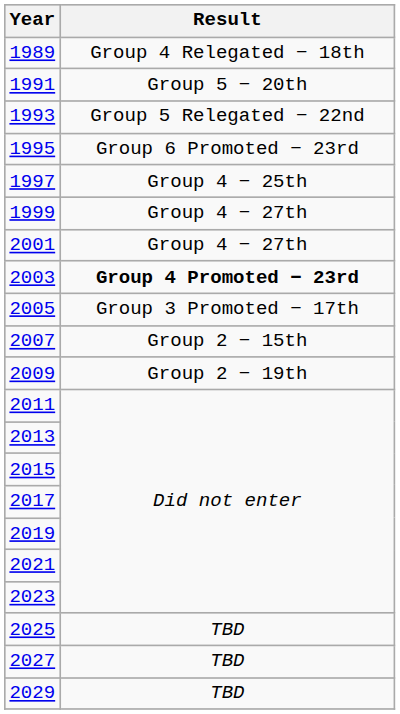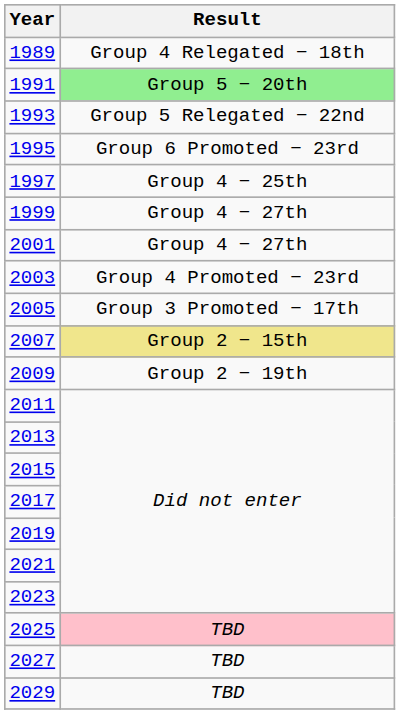 <table class="wikitable" style="text-align: center; font-size:90%">
 <tr>
 <th>Year</th>
 <th style="width:200px">Result</th>
 </tr>
 <tr>
 <td> <a href='#'>1989</a></td>
 <td>Group 4 Relegated − 18th</td>
 </tr>
 <tr>
 <td> <a href='#'>1991</a></td>
-<td>Group 5 − 20th</td>
+<td style="background: lightgreen;">Group 5 − 20th</td>
 </tr>
 <tr>
 <td> <a href='#'>1993</a></td>
 <td>Group 5 Relegated − 22nd</td>
 </tr>
 <tr>
 <td> <a href='#'>1995</a></td>
 <td>Group 6 Promoted − 23rd</td>
 </tr>
 <tr>
 <td> <a href='#'>1997</a></td>
 <td>Group 4 − 25th</td>
 </tr>
 <tr>
 <td> <a href='#'>1999</a></td>
 <td>Group 4 − 27th</td>
 </tr>
 <tr>
 <td> <a href='#'>2001</a></td>
 <td>Group 4 − 27th</td>
 </tr>
 <tr>
 <td> <a href='#'>2003</a></td>
-<td><strong>Group 4 Promoted − 23rd</strong></td>
+<td>Group 4 Promoted − 23rd</td>
 </tr>
 <tr>
 <td> <a href='#'>2005</a></td>
 <td>Group 3 Promoted − 17th</td>
 </tr>
 <tr>
 <td> <a href='#'>2007</a></td>
-<td>Group 2 − 15th</td>
+<td style="background: khaki;">Group 2 − 15th</td>
 </tr>
 <tr>
 <td> <a href='#'>2009</a></td>
 <td>Group 2 − 19th</td>
 </tr>
 <tr>
 <td> <a href='#'>2011</a></td>
 <td rowspan="7"><em>Did not enter</em></td>
 </tr>
 <tr>
 <td> <a href='#'>2013</a></td>
 </tr>
 <tr>
 <td> <a href='#'>2015</a></td>
 </tr>
 <tr>
 <td> <a href='#'>2017</a></td>
 </tr>
 <tr>
 <td> <a href='#'>2019</a></td>
 </tr>
 <tr>
 <td> <a href='#'>2021</a></td>
 </tr>
 <tr>
 <td> <a href='#'>2023</a></td>
 </tr>
 <tr>
 <td> <a href='#'>2025</a></td>
-<td><em>TBD</em></td>
+<td style="background: pink;"><em>TBD</em></td>
 </tr>
 <tr>
 <td> <a href='#'>2027</a></td>
 <td><em>TBD</em></td>
 </tr>
 <tr>
 <td> <a href='#'>2029</a></td>
 <td><em>TBD</em></td>
 </tr>
 </table>
